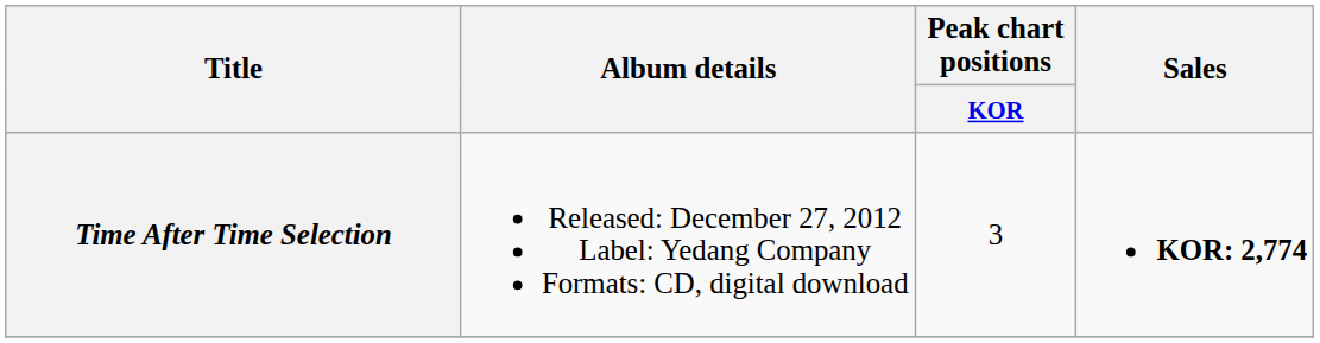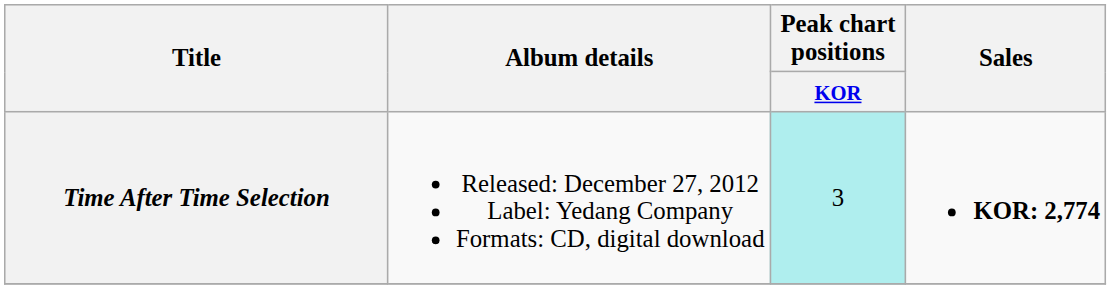 <table class="wikitable plainrowheaders" style="text-align:center;">
 <tr>
 <th scope="col" rowspan="2" style="width:15em;">Title</th>
 <th scope="col" rowspan="2">Album details</th>
 <th scope="col" colspan="1" style="width:5em;">Peak chart positions</th>
 <th scope="col" rowspan="2">Sales</th>
 </tr>
 <tr>
 <th><small><a href='#'>KOR</a></small><br></th>
 </tr>
 <tr>
 <th scope="row"><em>Time After Time Selection</em></th>
 <td><br><ul><li>Released: December 27, 2012</li><li>Label: Yedang Company</li><li>Formats: CD, digital download</li></ul></td>
-<td>3</td>
+<td style="background: paleturquoise;">3</td>
 <td><strong><br><ul><li>KOR: 2,774</li></ul></strong></td>
 </tr>
 <tr>
 </tr>
 </table>
